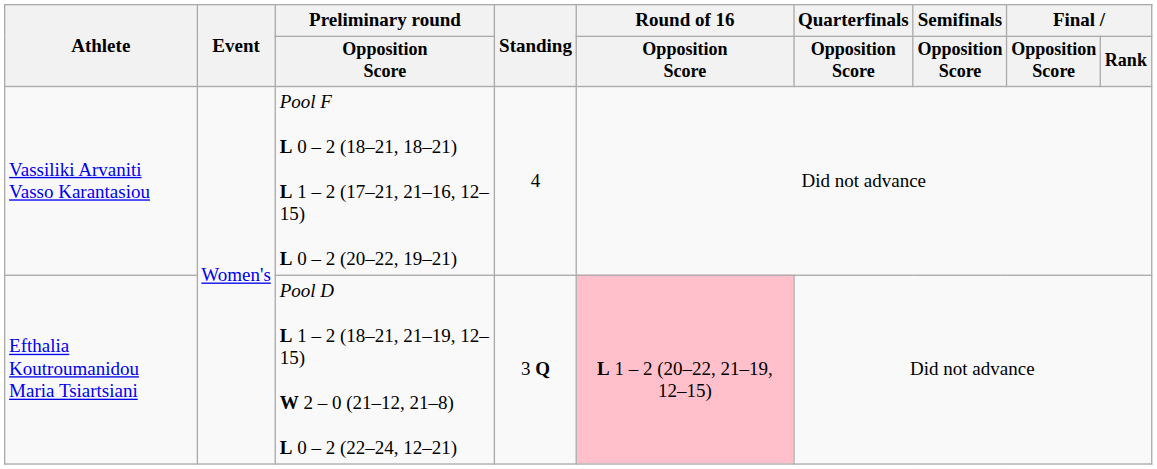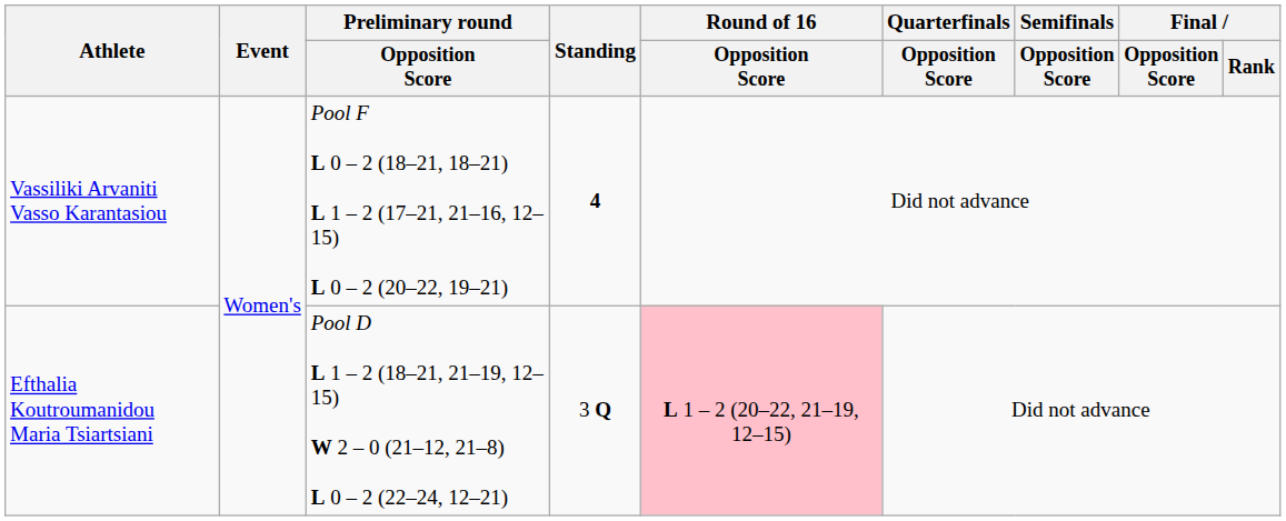 <table class=wikitable style="font-size:90%">
 <tr>
 <th rowspan="2">Athlete</th>
 <th rowspan="2">Event</th>
 <th>Preliminary round</th>
 <th rowspan=2>Standing</th>
 <th>Round of 16</th>
 <th>Quarterfinals</th>
 <th>Semifinals</th>
 <th colspan=2>Final / </th>
 </tr>
 <tr style="font-size:95%">
 <th>Opposition <br>Score</th>
 <th>Opposition <br>Score</th>
 <th>Opposition <br>Score</th>
 <th>Opposition <br>Score</th>
 <th>Opposition <br>Score</th>
 <th>Rank</th>
 </tr>
 <tr align=center>
 <td align=left><a href='#'>Vassiliki Arvaniti</a><br><a href='#'>Vasso Karantasiou</a></td>
 <td align=left rowspan=2><a href='#'>Women's</a></td>
 <td align=left><em>Pool F</em><br><br><strong>L</strong> 0 – 2 (18–21, 18–21)<br><br><strong>L</strong> 1 – 2 (17–21, 21–16, 12–15)<br><br><strong>L</strong> 0 – 2 (20–22, 19–21)</td>
-<td>4</td>
+<td><strong>4</strong></td>
 <td colspan=5>Did not advance</td>
 </tr>
 <tr align=center>
 <td align=left><a href='#'>Efthalia Koutroumanidou</a><br><a href='#'>Maria Tsiartsiani</a></td>
 <td align=left><em>Pool D</em><br><br><strong>L</strong> 1 – 2 (18–21, 21–19, 12–15)<br><br><strong>W</strong> 2 – 0 (21–12, 21–8)<br><br><strong>L</strong> 0 – 2 (22–24, 12–21)</td>
 <td>3 <strong>Q</strong></td>
 <td style="background: pink;"><br><strong>L</strong> 1 – 2 (20–22, 21–19, 12–15)</td>
 <td colspan=4>Did not advance</td>
 </tr>
 </table>
